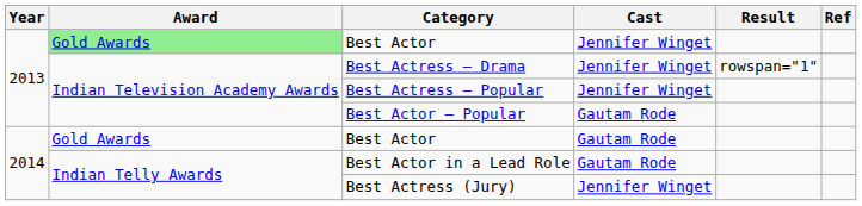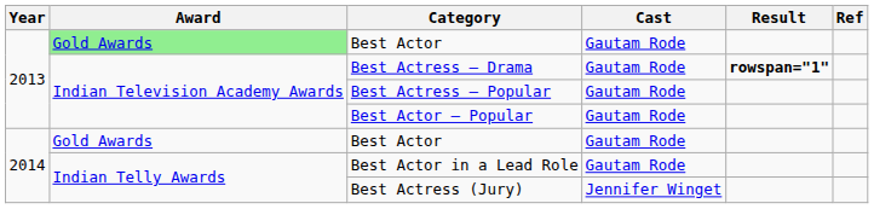 <table class="wikitable">
 <tr>
 <th>Year</th>
 <th>Award</th>
 <th>Category</th>
 <th>Cast</th>
 <th>Result</th>
 <th>Ref</th>
 </tr>
 <tr>
 <td rowspan="4">2013</td>
 <td style="background: lightgreen;"><a href='#'>Gold Awards</a></td>
 <td>Best Actor</td>
-<td><a href='#'>Jennifer Winget</a></td>
+<td><a href='#'>Gautam Rode</a></td>
 <td></td>
 <td></td>
 </tr>
 <tr>
 <td rowspan="3"><a href='#'>Indian Television Academy Awards</a></td>
 <td><a href='#'>Best Actress – Drama</a></td>
-<td><a href='#'>Jennifer Winget</a></td>
-<td>rowspan="1" </td>
+<td><a href='#'>Gautam Rode</a></td>
+<td><strong>rowspan="1" </strong></td>
 <td></td>
 </tr>
 <tr>
 <td><a href='#'>Best Actress – Popular</a></td>
-<td><a href='#'>Jennifer Winget</a></td>
+<td><a href='#'>Gautam Rode</a></td>
 <td></td>
 <td></td>
 </tr>
 <tr>
 <td><a href='#'>Best Actor – Popular</a></td>
 <td><a href='#'>Gautam Rode</a></td>
 <td></td>
 <td></td>
 </tr>
 <tr>
 <td rowspan="3">2014</td>
 <td><a href='#'>Gold Awards</a></td>
 <td>Best Actor</td>
 <td><a href='#'>Gautam Rode</a></td>
 <td></td>
 <td></td>
 </tr>
 <tr>
 <td rowspan="2"><a href='#'>Indian Telly Awards</a></td>
 <td>Best Actor in a Lead Role</td>
 <td><a href='#'>Gautam Rode</a></td>
 <td></td>
 <td></td>
 </tr>
 <tr>
 <td>Best Actress (Jury)</td>
 <td><a href='#'>Jennifer Winget</a></td>
 <td></td>
 <td></td>
 </tr>
 </table>
